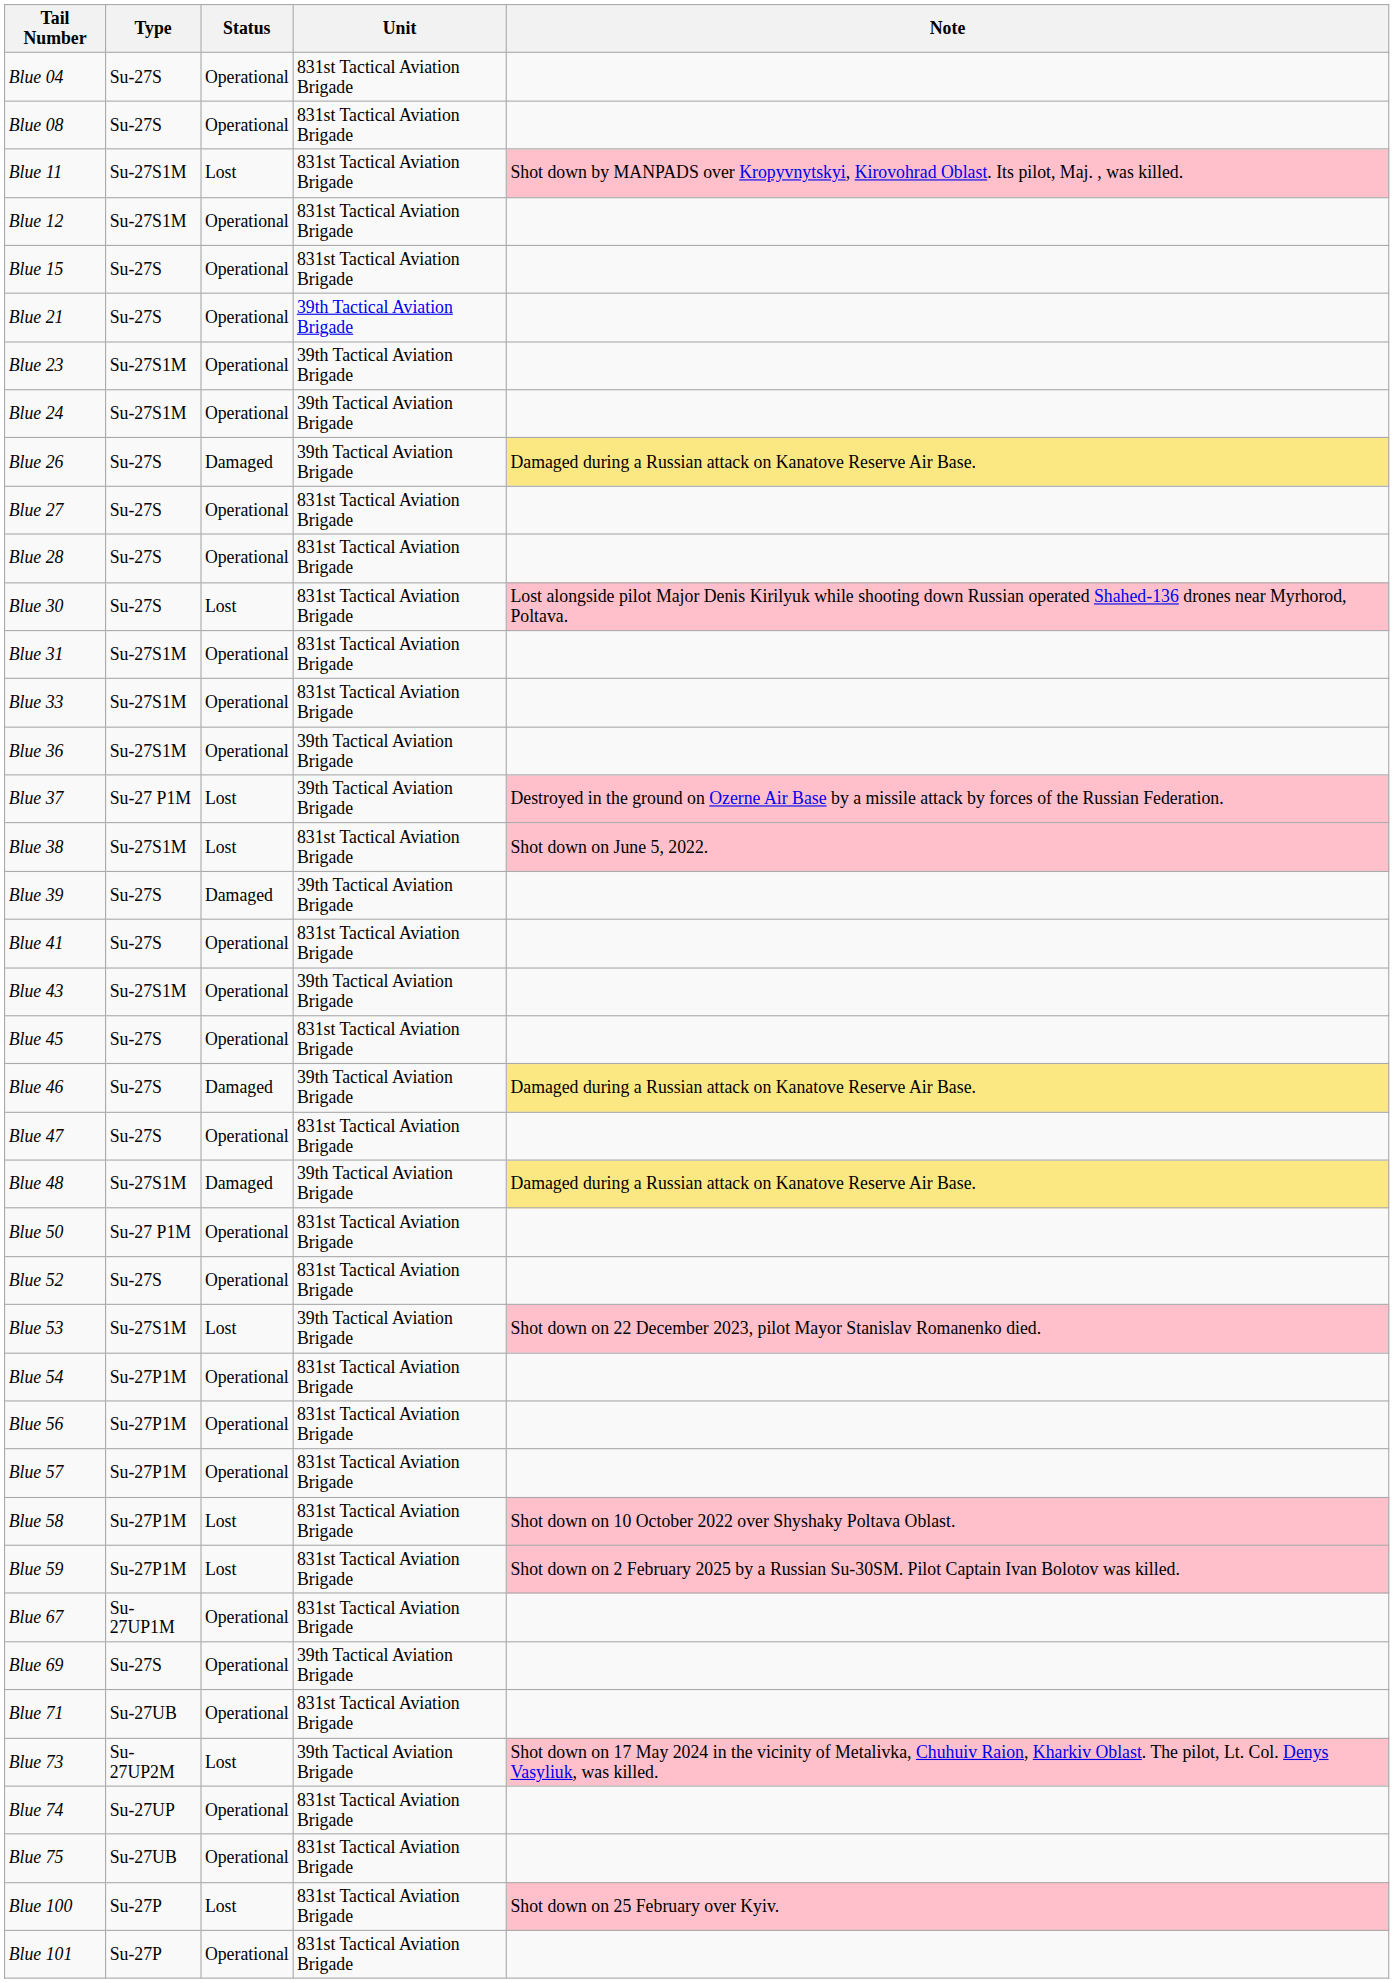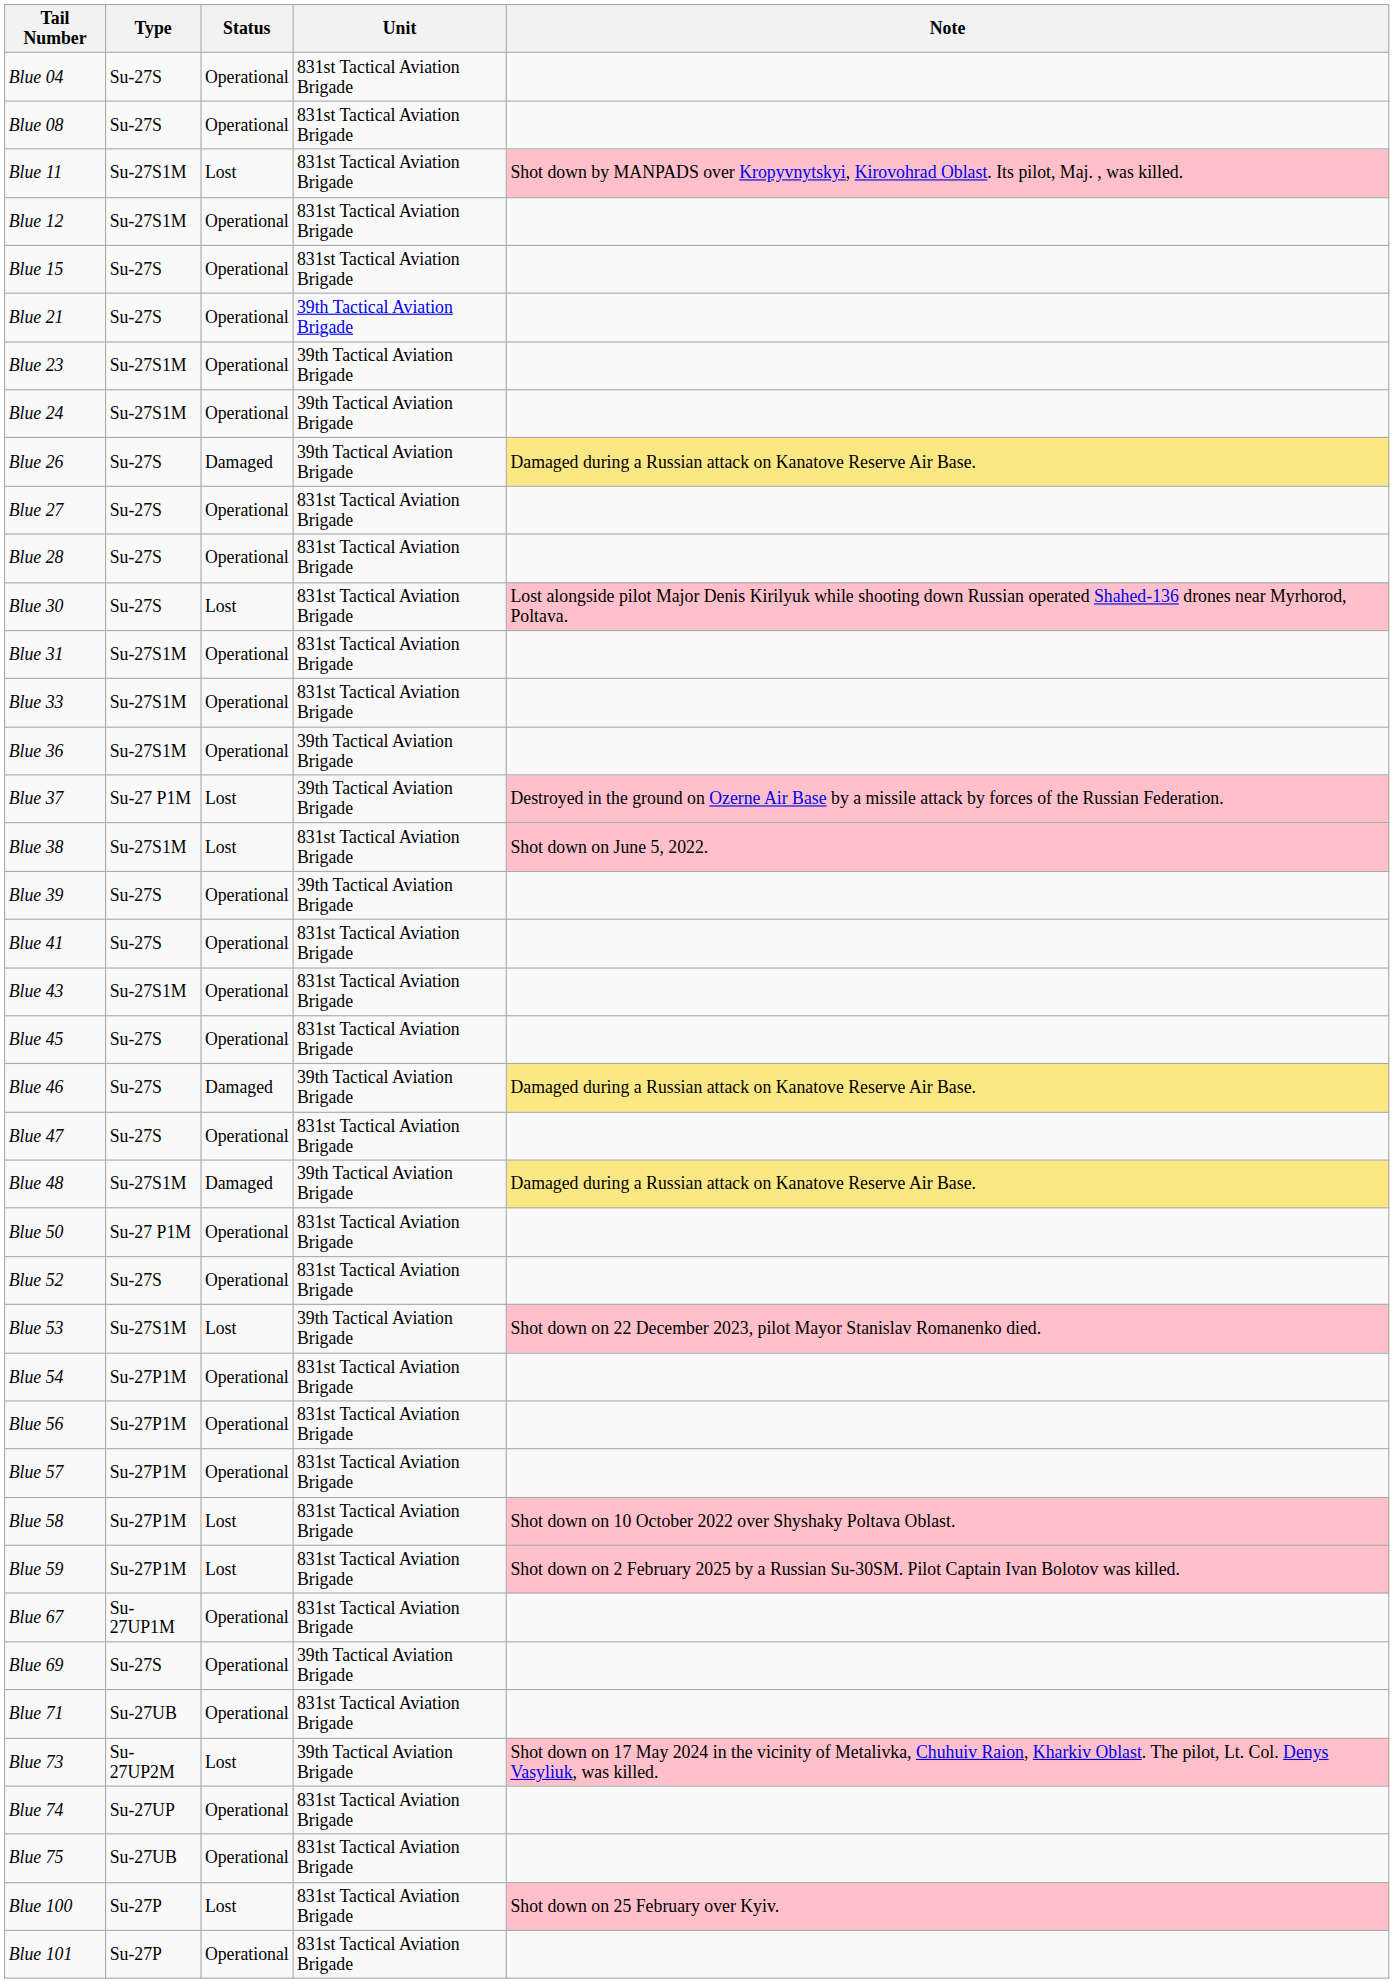 <table class="wikitable">
 <tr>
 <th>Tail Number</th>
 <th>Type</th>
 <th>Status</th>
 <th>Unit</th>
 <th>Note</th>
 </tr>
 <tr>
 <td><em>Blue 04</em></td>
 <td>Su-27S</td>
 <td>Operational</td>
 <td>831st Tactical Aviation Brigade</td>
 <td></td>
 </tr>
 <tr>
 <td><em>Blue 08</em></td>
 <td>Su-27S</td>
 <td>Operational</td>
 <td>831st Tactical Aviation Brigade</td>
 <td></td>
 </tr>
 <tr>
 <td><em>Blue 11</em></td>
 <td>Su-27S1M</td>
 <td>Lost</td>
 <td>831st Tactical Aviation Brigade</td>
 <td style="background:#FFC0CB;">Shot down by MANPADS over <a href='#'>Kropyvnytskyi</a>, <a href='#'>Kirovohrad Oblast</a>. Its pilot, Maj. , was killed.</td>
 </tr>
 <tr>
 <td><em>Blue 12</em></td>
 <td>Su-27S1M</td>
 <td>Operational</td>
 <td>831st Tactical Aviation Brigade</td>
 <td></td>
 </tr>
 <tr>
 <td><em>Blue 15</em></td>
 <td>Su-27S</td>
 <td>Operational</td>
 <td>831st Tactical Aviation Brigade</td>
 <td></td>
 </tr>
 <tr>
 <td><em>Blue 21</em></td>
 <td>Su-27S</td>
 <td>Operational</td>
 <td><a href='#'>39th Tactical Aviation Brigade</a></td>
 <td></td>
 </tr>
 <tr>
 <td><em>Blue 23</em></td>
 <td>Su-27S1M</td>
 <td>Operational</td>
 <td>39th Tactical Aviation Brigade</td>
 <td></td>
 </tr>
 <tr>
 <td><em>Blue 24</em></td>
 <td>Su-27S1M</td>
 <td>Operational</td>
 <td>39th Tactical Aviation Brigade</td>
 <td></td>
 </tr>
 <tr>
 <td><em>Blue 26</em></td>
 <td>Su-27S</td>
 <td>Damaged</td>
 <td>39th Tactical Aviation Brigade</td>
 <td style="background:#FCE883">Damaged during a Russian attack on Kanatove Reserve Air Base.</td>
 </tr>
 <tr>
 <td><em>Blue 27</em></td>
 <td>Su-27S</td>
 <td>Operational</td>
 <td>831st Tactical Aviation Brigade</td>
 <td></td>
 </tr>
 <tr>
 <td><em>Blue 28</em></td>
 <td>Su-27S</td>
 <td>Operational</td>
 <td>831st Tactical Aviation Brigade</td>
 <td></td>
 </tr>
 <tr>
 <td><em>Blue 30</em></td>
 <td>Su-27S</td>
 <td>Lost</td>
 <td>831st Tactical Aviation Brigade</td>
 <td style="background:#FFC0CB;">Lost alongside pilot Major Denis Kirilyuk while shooting down Russian operated <a href='#'>Shahed-136</a> drones near Myrhorod, Poltava.</td>
 </tr>
 <tr>
 <td><em>Blue 31</em></td>
 <td>Su-27S1M</td>
 <td>Operational</td>
 <td>831st Tactical Aviation Brigade</td>
 <td></td>
 </tr>
 <tr>
 <td><em>Blue 33</em></td>
 <td>Su-27S1M</td>
 <td>Operational</td>
 <td>831st Tactical Aviation Brigade</td>
 <td></td>
 </tr>
 <tr>
 <td><em>Blue 36</em></td>
 <td>Su-27S1M</td>
 <td>Operational</td>
 <td>39th Tactical Aviation Brigade</td>
 <td></td>
 </tr>
 <tr>
 <td><em>Blue 37</em></td>
 <td>Su-27 P1M</td>
 <td>Lost</td>
 <td>39th Tactical Aviation Brigade</td>
 <td style="background:#FFC0CB;">Destroyed in the ground on <a href='#'>Ozerne Air Base</a> by a missile attack by forces of the Russian Federation.</td>
 </tr>
 <tr>
 <td><em>Blue 38</em></td>
 <td>Su-27S1M</td>
 <td>Lost</td>
 <td>831st Tactical Aviation Brigade</td>
 <td style="background:#FFC0CB;">Shot down on June 5, 2022.</td>
 </tr>
 <tr>
 <td><em>Blue 39</em></td>
 <td>Su-27S</td>
-<td>Damaged</td>
+<td>Operational</td>
 <td>39th Tactical Aviation Brigade</td>
 <td></td>
 </tr>
 <tr>
 <td><em>Blue 41</em></td>
 <td>Su-27S</td>
 <td>Operational</td>
 <td>831st Tactical Aviation Brigade</td>
 <td></td>
 </tr>
 <tr>
 <td><em>Blue 43</em></td>
 <td>Su-27S1M</td>
 <td>Operational</td>
-<td>39th Tactical Aviation Brigade</td>
+<td>831st Tactical Aviation Brigade</td>
 <td></td>
 </tr>
 <tr>
 <td><em>Blue 45</em></td>
 <td>Su-27S</td>
 <td>Operational</td>
 <td>831st Tactical Aviation Brigade</td>
 <td></td>
 </tr>
 <tr>
 <td><em>Blue 46</em></td>
 <td>Su-27S</td>
 <td>Damaged</td>
 <td>39th Tactical Aviation Brigade</td>
 <td style="background:#FCE883">Damaged during a Russian attack on Kanatove Reserve Air Base.</td>
 </tr>
 <tr>
 <td><em>Blue 47</em></td>
 <td>Su-27S</td>
 <td>Operational</td>
 <td>831st Tactical Aviation Brigade</td>
 <td></td>
 </tr>
 <tr>
 <td><em>Blue 48</em></td>
 <td>Su-27S1M</td>
 <td>Damaged</td>
 <td>39th Tactical Aviation Brigade</td>
 <td style="background:#FCE883">Damaged during a Russian attack on Kanatove Reserve Air Base.</td>
 </tr>
 <tr>
 <td><em>Blue 50</em></td>
 <td>Su-27 P1M</td>
 <td>Operational</td>
 <td>831st Tactical Aviation Brigade</td>
 <td></td>
 </tr>
 <tr>
 <td><em>Blue 52</em></td>
 <td>Su-27S</td>
 <td>Operational</td>
 <td>831st Tactical Aviation Brigade</td>
 <td></td>
 </tr>
 <tr>
 <td><em>Blue 53</em></td>
 <td>Su-27S1M</td>
 <td>Lost</td>
 <td>39th Tactical Aviation Brigade</td>
 <td style="background:#FFC0CB;">Shot down on 22 December 2023, pilot Mayor Stanislav Romanenko died.</td>
 </tr>
 <tr>
 <td><em>Blue 54</em></td>
 <td>Su-27P1M</td>
 <td>Operational</td>
 <td>831st Tactical Aviation Brigade</td>
 <td></td>
 </tr>
 <tr>
 <td><em>Blue 56</em></td>
 <td>Su-27P1M</td>
 <td>Operational</td>
 <td>831st Tactical Aviation Brigade</td>
 <td></td>
 </tr>
 <tr>
 <td><em>Blue 57</em></td>
 <td>Su-27P1M</td>
 <td>Operational</td>
 <td>831st Tactical Aviation Brigade</td>
 <td></td>
 </tr>
 <tr>
 <td><em>Blue 58</em></td>
 <td>Su-27P1M</td>
 <td>Lost</td>
 <td>831st Tactical Aviation Brigade</td>
 <td style="background:#FFC0CB;">Shot down on 10 October 2022 over Shyshaky Poltava Oblast.</td>
 </tr>
 <tr>
 <td><em>Blue 59</em></td>
 <td>Su-27P1M</td>
 <td>Lost</td>
 <td>831st Tactical Aviation Brigade</td>
 <td style="background:#FFC0CB;">Shot down on 2 February 2025 by a Russian Su-30SM. Pilot Captain Ivan Bolotov was killed.</td>
 </tr>
 <tr>
 <td><em>Blue 67</em></td>
 <td>Su-27UP1M</td>
 <td>Operational</td>
 <td>831st Tactical Aviation Brigade</td>
 <td></td>
 </tr>
 <tr>
 <td><em>Blue 69</em></td>
 <td>Su-27S</td>
 <td>Operational</td>
 <td>39th Tactical Aviation Brigade</td>
 <td></td>
 </tr>
 <tr>
 <td><em>Blue 71</em></td>
 <td>Su-27UB</td>
 <td>Operational</td>
 <td>831st Tactical Aviation Brigade</td>
 <td></td>
 </tr>
 <tr>
 <td><em>Blue 73</em></td>
 <td>Su-27UP2M</td>
 <td>Lost</td>
 <td>39th Tactical Aviation Brigade</td>
 <td style="background:#FFC0CB;">Shot down on 17 May 2024 in the vicinity of Metalivka, <a href='#'>Chuhuiv Raion</a>, <a href='#'>Kharkiv Oblast</a>. The pilot, Lt. Col. <a href='#'>Denys Vasyliuk</a>, was killed.</td>
 </tr>
 <tr>
 <td><em>Blue 74</em></td>
 <td>Su-27UP</td>
 <td>Operational</td>
 <td>831st Tactical Aviation Brigade</td>
 <td></td>
 </tr>
 <tr>
 <td><em>Blue 75</em></td>
 <td>Su-27UB</td>
 <td>Operational</td>
 <td>831st Tactical Aviation Brigade</td>
 </tr>
 <tr>
 <td><em>Blue 100</em></td>
 <td>Su-27P</td>
 <td>Lost</td>
 <td>831st Tactical Aviation Brigade</td>
 <td style="background:#FFC0CB;">Shot down on 25 February over Kyiv.</td>
 </tr>
 <tr>
 <td><em>Blue 101</em></td>
 <td>Su-27P</td>
 <td>Operational</td>
 <td>831st Tactical Aviation Brigade</td>
 <td></td>
 </tr>
 </table>
